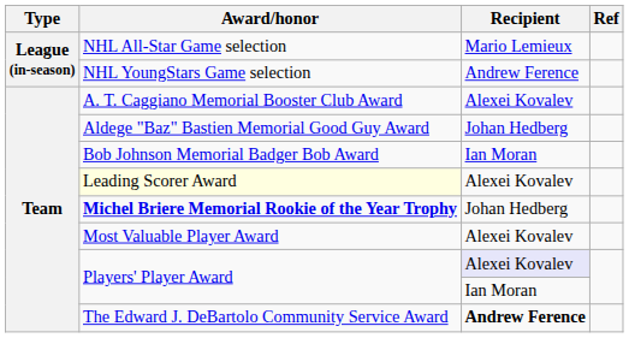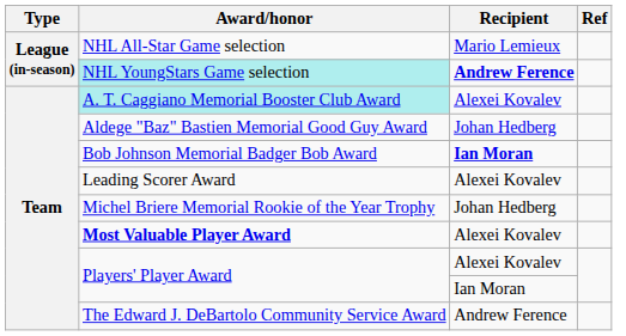 <table class="wikitable">
 <tr>
 <th scope="col">Type</th>
 <th scope="col">Award/honor</th>
 <th scope="col">Recipient</th>
 <th scope="col">Ref</th>
 </tr>
 <tr>
 <th scope="row" rowspan="2">League<br><small>(in-season)</small></th>
 <td><a href='#'>NHL All-Star Game</a> selection</td>
 <td><a href='#'>Mario Lemieux</a></td>
 <td></td>
 </tr>
 <tr>
-<td><a href='#'>NHL YoungStars Game</a> selection</td>
-<td><a href='#'>Andrew Ference</a></td>
+<td style="background: paleturquoise;"><a href='#'>NHL YoungStars Game</a> selection</td>
+<td><strong><a href='#'>Andrew Ference</a></strong></td>
 <td></td>
 </tr>
 <tr>
 <th scope="row" rowspan="9">Team</th>
-<td><a href='#'>A. T. Caggiano Memorial Booster Club Award</a></td>
+<td style="background: paleturquoise;"><a href='#'>A. T. Caggiano Memorial Booster Club Award</a></td>
 <td><a href='#'>Alexei Kovalev</a></td>
 <td></td>
 </tr>
 <tr>
 <td><a href='#'>Aldege "Baz" Bastien Memorial Good Guy Award</a></td>
 <td><a href='#'>Johan Hedberg</a></td>
 <td></td>
 </tr>
 <tr>
 <td><a href='#'>Bob Johnson Memorial Badger Bob Award</a></td>
-<td><a href='#'>Ian Moran</a></td>
+<td><strong><a href='#'>Ian Moran</a></strong></td>
 <td></td>
 </tr>
 <tr>
-<td style="background: lightyellow;">Leading Scorer Award</td>
+<td>Leading Scorer Award</td>
 <td>Alexei Kovalev</td>
 <td></td>
 </tr>
 <tr>
-<td><strong><a href='#'>Michel Briere Memorial Rookie of the Year Trophy</a></strong></td>
+<td><a href='#'>Michel Briere Memorial Rookie of the Year Trophy</a></td>
 <td>Johan Hedberg</td>
 <td></td>
 </tr>
 <tr>
-<td><a href='#'>Most Valuable Player Award</a></td>
+<td><strong><a href='#'>Most Valuable Player Award</a></strong></td>
 <td>Alexei Kovalev</td>
 <td></td>
 </tr>
 <tr>
 <td rowspan="2"><a href='#'>Players' Player Award</a></td>
-<td style="background: lavender;">Alexei Kovalev</td>
+<td>Alexei Kovalev</td>
 <td rowspan="2"></td>
 </tr>
 <tr>
 <td>Ian Moran</td>
 </tr>
 <tr>
 <td><a href='#'>The Edward J. DeBartolo Community Service Award</a></td>
-<td><strong>Andrew Ference</strong></td>
+<td>Andrew Ference</td>
 <td></td>
 </tr>
 </table>
